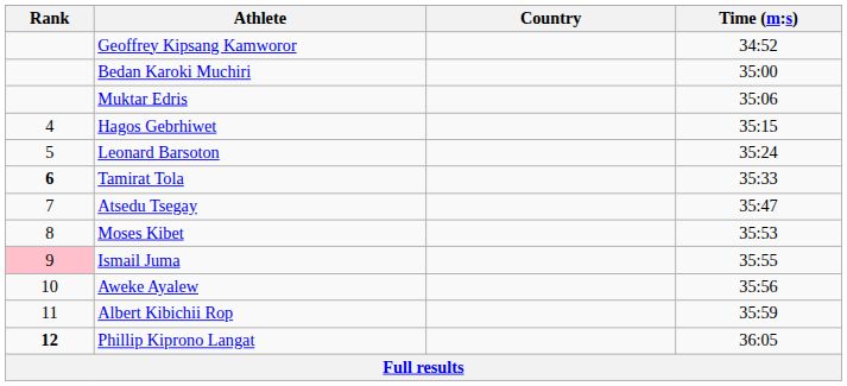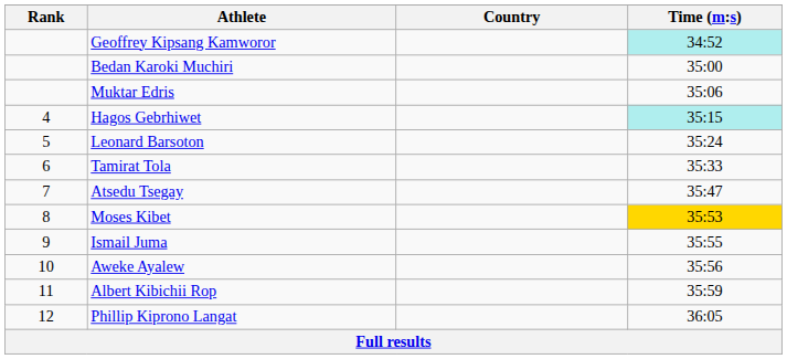 <table class="wikitable" style="text-align:center;" width="50%">
 <tr>
 </tr>
 <tr>
 <th width=5%>Rank</th>
 <th width=20%>Athlete</th>
 <th width=15%>Country</th>
 <th width=10%>Time (<a href='#'>m</a>:<a href='#'>s</a>)</th>
 </tr>
 <tr>
 <td align=center></td>
 <td align=left><a href='#'>Geoffrey Kipsang Kamworor</a></td>
 <td align=left></td>
-<td>34:52</td>
+<td style="background: paleturquoise;">34:52</td>
 </tr>
 <tr>
 <td align=center></td>
 <td align=left><a href='#'>Bedan Karoki Muchiri</a></td>
 <td align=left></td>
 <td>35:00</td>
 </tr>
 <tr>
 <td align=center></td>
 <td align=left><a href='#'>Muktar Edris</a></td>
 <td align=left></td>
 <td>35:06</td>
 </tr>
 <tr>
 <td align=center>4</td>
 <td align=left><a href='#'>Hagos Gebrhiwet</a></td>
 <td align=left></td>
-<td>35:15</td>
+<td style="background: paleturquoise;">35:15</td>
 </tr>
 <tr>
 <td align=center>5</td>
 <td align=left><a href='#'>Leonard Barsoton</a></td>
 <td align=left></td>
 <td>35:24</td>
 </tr>
 <tr>
-<td align=center><strong>6</strong></td>
+<td align=center>6</td>
 <td align=left><a href='#'>Tamirat Tola</a></td>
 <td align=left></td>
 <td>35:33</td>
 </tr>
 <tr>
 <td align=center>7</td>
 <td align=left><a href='#'>Atsedu Tsegay</a></td>
 <td align=left></td>
 <td>35:47</td>
 </tr>
 <tr>
 <td align=center>8</td>
 <td align=left><a href='#'>Moses Kibet</a></td>
 <td align=left></td>
-<td>35:53</td>
+<td style="background: gold;">35:53</td>
 </tr>
 <tr>
-<td align=center style="background: pink;">9</td>
+<td align=center>9</td>
 <td align=left><a href='#'>Ismail Juma</a></td>
 <td align=left></td>
 <td>35:55</td>
 </tr>
 <tr>
 <td align=center>10</td>
 <td align=left><a href='#'>Aweke Ayalew</a></td>
 <td align=left></td>
 <td>35:56</td>
 </tr>
 <tr>
 <td align=center>11</td>
 <td align=left><a href='#'>Albert Kibichii Rop</a></td>
 <td align=left></td>
 <td>35:59</td>
 </tr>
 <tr>
-<td align=center><strong>12</strong></td>
+<td align=center>12</td>
 <td align=left><a href='#'>Phillip Kiprono Langat</a></td>
 <td align=left></td>
 <td>36:05</td>
 </tr>
 <tr class="sortbottom">
 <th colspan=4 align=center><a href='#'>Full results</a></th>
 </tr>
 </table>
